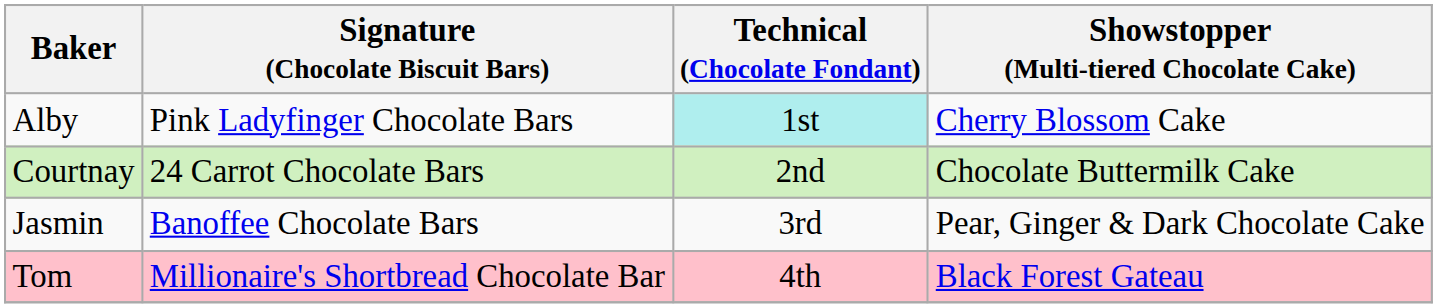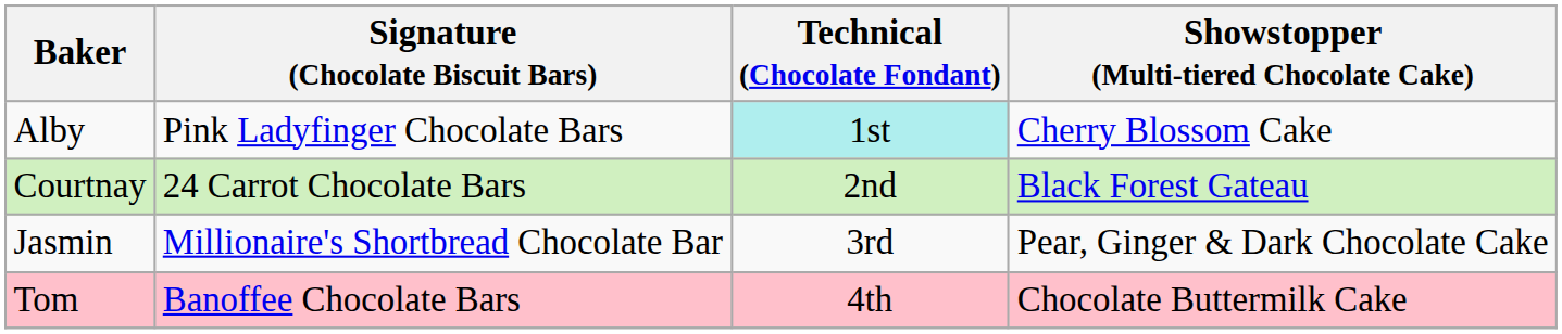 <table class="wikitable" style="text-align:center;">
 <tr>
 <th>Baker</th>
 <th>Signature<br><small>(Chocolate Biscuit Bars)</small></th>
 <th>Technical<br><small>(<a href='#'>Chocolate Fondant</a>)</small></th>
 <th>Showstopper<br><small>(Multi-tiered Chocolate Cake)</small></th>
 </tr>
 <tr>
 <td align="left">Alby</td>
 <td align="left">Pink <a href='#'>Ladyfinger</a> Chocolate Bars</td>
 <td style="background: paleturquoise;">1st</td>
 <td align="left"><a href='#'>Cherry Blossom</a> Cake</td>
 </tr>
 <tr style="background:#d0f0c0;">
 <td align="left">Courtnay</td>
 <td align="left">24 Carrot Chocolate Bars</td>
 <td>2nd</td>
-<td align="left">Chocolate Buttermilk Cake</td>
+<td align="left"><a href='#'>Black Forest Gateau</a></td>
 </tr>
 <tr>
 <td align="left">Jasmin</td>
-<td align="left"><a href='#'>Banoffee</a> Chocolate Bars</td>
+<td align="left"><a href='#'>Millionaire's Shortbread</a> Chocolate Bar</td>
 <td>3rd</td>
 <td align="left">Pear, Ginger & Dark Chocolate Cake</td>
 </tr>
 <tr style="background:pink;">
 <td align="left">Tom</td>
-<td align="left"><a href='#'>Millionaire's Shortbread</a> Chocolate Bar</td>
+<td align="left"><a href='#'>Banoffee</a> Chocolate Bars</td>
 <td>4th</td>
-<td align="left"><a href='#'>Black Forest Gateau</a></td>
+<td align="left">Chocolate Buttermilk Cake</td>
 </tr>
 <tr>
 </tr>
 </table>
